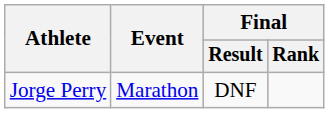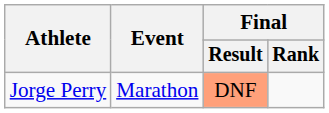 <table class="wikitable" style="font-size:90%">
 <tr>
 <th rowspan=2>Athlete</th>
 <th rowspan=2>Event</th>
 <th colspan="2">Final</th>
 </tr>
 <tr style="font-size:95%">
 <th>Result</th>
 <th>Rank</th>
 </tr>
 <tr align=center>
 <td align=left><a href='#'>Jorge Perry</a></td>
 <td align=left><a href='#'>Marathon</a></td>
-<td>DNF</td>
+<td style="background: lightsalmon;">DNF</td>
 <td></td>
 </tr>
 </table>
